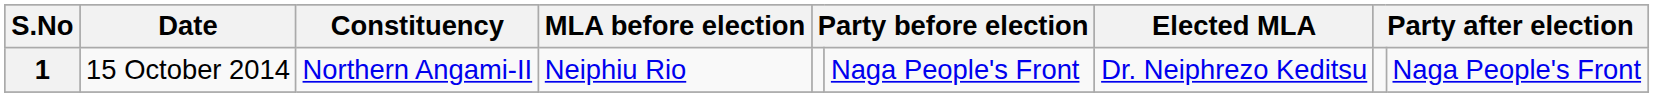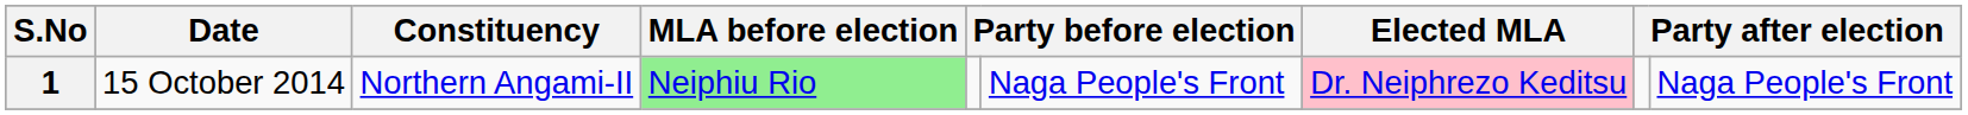 <table class="wikitable sortable">
 <tr>
 <th>S.No</th>
 <th>Date</th>
 <th>Constituency</th>
 <th>MLA before election</th>
 <th colspan="2">Party before election</th>
 <th>Elected MLA</th>
 <th colspan="2">Party after election</th>
 </tr>
 <tr>
 <th>1</th>
 <td>15 October 2014</td>
 <td><a href='#'>Northern Angami-II</a></td>
-<td><a href='#'>Neiphiu Rio</a></td>
+<td style="background: lightgreen;"><a href='#'>Neiphiu Rio</a></td>
 <td></td>
 <td><a href='#'>Naga People's Front</a></td>
-<td><a href='#'>Dr. Neiphrezo Keditsu</a></td>
+<td style="background: pink;"><a href='#'>Dr. Neiphrezo Keditsu</a></td>
 <td></td>
 <td><a href='#'>Naga People's Front</a></td>
 </tr>
 </table>
